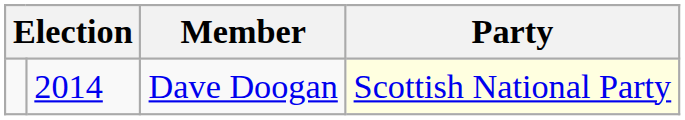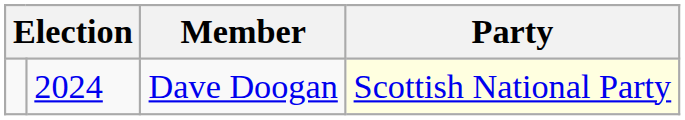 <table class="wikitable">
 <tr>
 <th colspan="2">Election</th>
 <th>Member</th>
 <th>Party</th>
 </tr>
 <tr>
 <td style="color:inherit;background-color: "></td>
-<td><a href='#'>2014</a></td>
+<td><a href='#'>2024</a></td>
 <td><a href='#'>Dave Doogan</a></td>
 <td style="background: lightyellow;"><a href='#'>Scottish National Party</a></td>
 </tr>
 </table>
